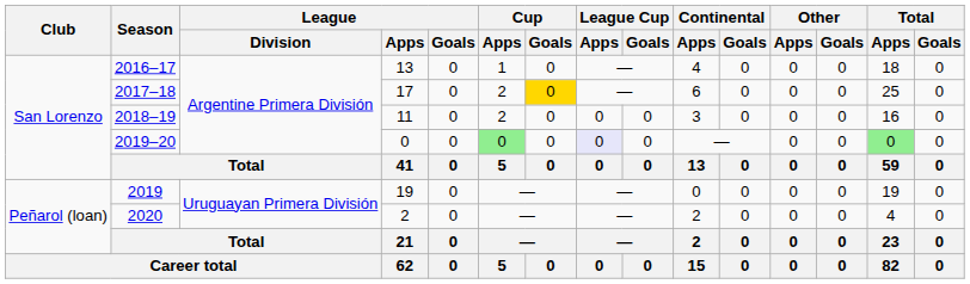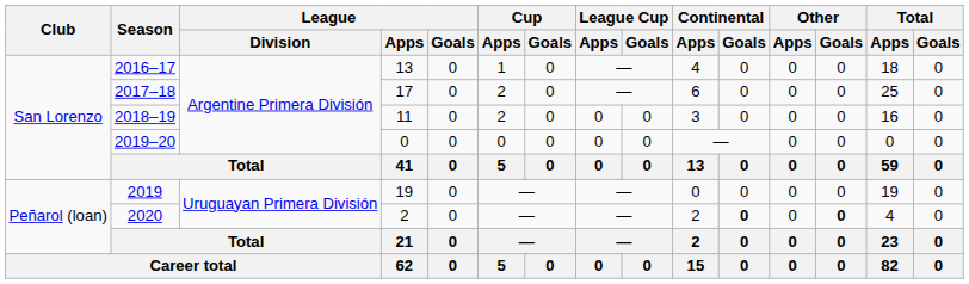 <table class="wikitable" style="text-align:center">
 <tr>
 <th rowspan="2">Club</th>
 <th rowspan="2">Season</th>
 <th colspan="3">League</th>
 <th colspan="2">Cup</th>
 <th colspan="2">League Cup</th>
 <th colspan="2">Continental</th>
 <th colspan="2">Other</th>
 <th colspan="2">Total</th>
 </tr>
 <tr>
 <th>Division</th>
 <th>Apps</th>
 <th>Goals</th>
 <th>Apps</th>
 <th>Goals</th>
 <th>Apps</th>
 <th>Goals</th>
 <th>Apps</th>
 <th>Goals</th>
 <th>Apps</th>
 <th>Goals</th>
 <th>Apps</th>
 <th>Goals</th>
 </tr>
 <tr>
 <td rowspan="5"><a href='#'>San Lorenzo</a></td>
 <td><a href='#'>2016–17</a></td>
 <td rowspan="4"><a href='#'>Argentine Primera División</a></td>
 <td>13</td>
 <td>0</td>
 <td>1</td>
 <td>0</td>
 <td colspan="2">—</td>
 <td>4</td>
 <td>0</td>
 <td>0</td>
 <td>0</td>
 <td>18</td>
 <td>0</td>
 </tr>
 <tr>
 <td><a href='#'>2017–18</a></td>
 <td>17</td>
 <td>0</td>
 <td>2</td>
-<td style="background: gold;">0</td>
+<td>0</td>
 <td colspan="2">—</td>
 <td>6</td>
 <td>0</td>
 <td>0</td>
 <td>0</td>
 <td>25</td>
 <td>0</td>
 </tr>
 <tr>
 <td><a href='#'>2018–19</a></td>
 <td>11</td>
 <td>0</td>
 <td>2</td>
 <td>0</td>
 <td>0</td>
 <td>0</td>
 <td>3</td>
 <td>0</td>
 <td>0</td>
 <td>0</td>
 <td>16</td>
 <td>0</td>
 </tr>
 <tr>
 <td><a href='#'>2019–20</a></td>
 <td>0</td>
 <td>0</td>
-<td style="background: lightgreen;">0</td>
 <td>0</td>
-<td style="background: lavender;">0</td>
+<td>0</td>
+<td>0</td>
 <td>0</td>
 <td colspan="2">—</td>
 <td>0</td>
 <td>0</td>
-<td style="background: lightgreen;">0</td>
+<td>0</td>
 <td>0</td>
 </tr>
 <tr>
 <th colspan="2">Total</th>
 <th>41</th>
 <th>0</th>
 <th>5</th>
 <th>0</th>
 <th>0</th>
 <th>0</th>
 <th>13</th>
 <th>0</th>
 <th>0</th>
 <th>0</th>
 <th>59</th>
 <th>0</th>
 </tr>
 <tr>
 <td rowspan="3"><a href='#'>Peñarol</a> (loan)</td>
 <td><a href='#'>2019</a></td>
 <td rowspan="2"><a href='#'>Uruguayan Primera División</a></td>
 <td>19</td>
 <td>0</td>
 <td colspan="2">—</td>
 <td colspan="2">—</td>
 <td>0</td>
 <td>0</td>
 <td>0</td>
 <td>0</td>
 <td>19</td>
 <td>0</td>
 </tr>
 <tr>
 <td><a href='#'>2020</a></td>
 <td>2</td>
 <td>0</td>
 <td colspan="2">—</td>
 <td colspan="2">—</td>
 <td>2</td>
+<td><strong>0</strong></td>
 <td>0</td>
-<td>0</td>
-<td>0</td>
+<td><strong>0</strong></td>
 <td>4</td>
 <td>0</td>
 </tr>
 <tr>
 <th colspan="2">Total</th>
 <th>21</th>
 <th>0</th>
 <th colspan="2">—</th>
 <th colspan="2">—</th>
 <th>2</th>
 <th>0</th>
 <th>0</th>
 <th>0</th>
 <th>23</th>
 <th>0</th>
 </tr>
 <tr>
 <th colspan="3">Career total</th>
 <th>62</th>
 <th>0</th>
 <th>5</th>
 <th>0</th>
 <th>0</th>
 <th>0</th>
 <th>15</th>
 <th>0</th>
 <th>0</th>
 <th>0</th>
 <th>82</th>
 <th>0</th>
 </tr>
 </table>
